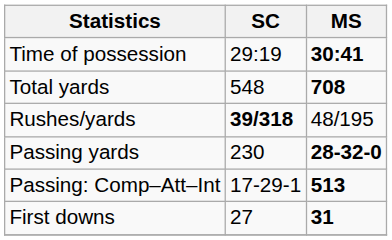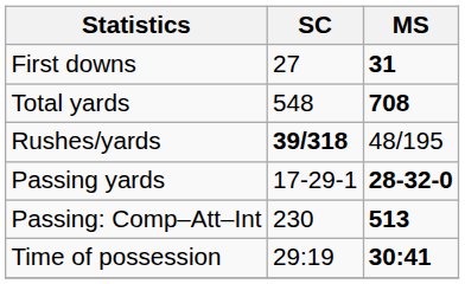 <table class="wikitable" style="float: left;">
 <tr>
 <th>Statistics</th>
 <th>SC</th>
 <th>MS</th>
 </tr>
 <tr>
-<td>Time of possession</td>
-<td>29:19</td>
-<td><strong>30:41</strong></td>
+<td>First downs</td>
+<td>27</td>
+<td><strong>31</strong></td>
 </tr>
 <tr>
 <td>Total yards</td>
 <td>548</td>
 <td><strong>708</strong></td>
 </tr>
 <tr>
 <td>Rushes/yards</td>
 <td><strong>39/318</strong></td>
 <td>48/195</td>
 </tr>
 <tr>
 <td>Passing yards</td>
-<td>230</td>
+<td>17-29-1</td>
 <td><strong>28-32-0</strong></td>
 </tr>
 <tr>
 <td>Passing: Comp–Att–Int</td>
-<td>17-29-1</td>
+<td>230</td>
 <td><strong>513</strong></td>
 </tr>
 <tr>
-<td>First downs</td>
-<td>27</td>
-<td><strong>31</strong></td>
+<td>Time of possession</td>
+<td>29:19</td>
+<td><strong>30:41</strong></td>
 </tr>
 <tr>
 </tr>
 </table>
